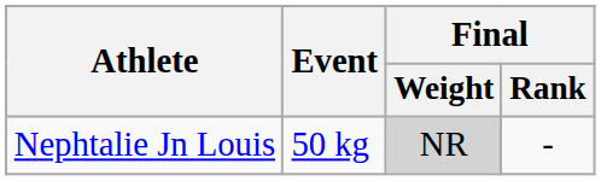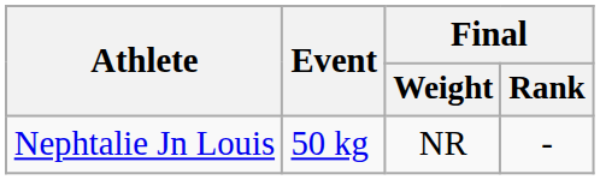 <table class=wikitable style="font-size:90%">
 <tr>
 <th rowspan="2">Athlete</th>
 <th rowspan="2">Event</th>
 <th colspan="2">Final</th>
 </tr>
 <tr style="font-size:95%">
 <th>Weight</th>
 <th>Rank</th>
 </tr>
 <tr align=center>
 <td align=left><a href='#'>Nephtalie Jn Louis</a></td>
 <td align=left><a href='#'>50 kg</a></td>
-<td style="background: lightgrey;">NR</td>
+<td>NR</td>
 <td>-</td>
 </tr>
 </table>
